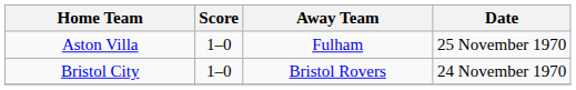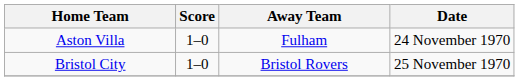 <table class="wikitable" style="text-align:center;">
 <tr>
 <th width=175>Home Team</th>
 <th width=20>Score</th>
 <th width=175>Away Team</th>
 <th width=125>Date</th>
 </tr>
 <tr>
 <td><a href='#'>Aston Villa</a></td>
 <td>1–0</td>
 <td><a href='#'>Fulham</a></td>
-<td>25 November 1970</td>
+<td>24 November 1970</td>
 </tr>
 <tr>
 <td><a href='#'>Bristol City</a></td>
 <td>1–0</td>
 <td><a href='#'>Bristol Rovers</a></td>
-<td>24 November 1970</td>
+<td>25 November 1970</td>
 </tr>
 <tr>
 </tr>
 </table>
